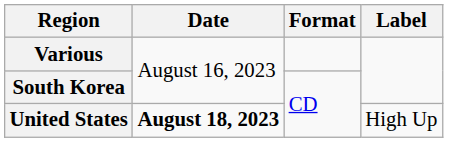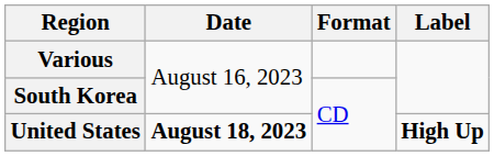 <table class="wikitable plainrowheaders">
 <tr>
 <th scope="col">Region</th>
 <th scope="col">Date</th>
 <th scope="col">Format</th>
 <th scope="col">Label</th>
 </tr>
 <tr>
 <th scope="row">Various </th>
 <td rowspan="2">August 16, 2023</td>
 <td></td>
 <td rowspan="2"></td>
 </tr>
 <tr>
 <th scope="row">South Korea</th>
 <td rowspan="2"><a href='#'>CD</a></td>
 </tr>
 <tr>
 <th scope="row">United States</th>
 <td><strong>August 18, 2023</strong></td>
-<td>High Up</td>
+<td><strong>High Up</strong></td>
 </tr>
 </table>
